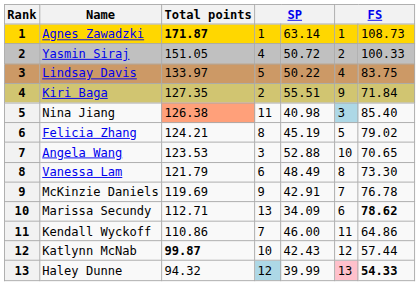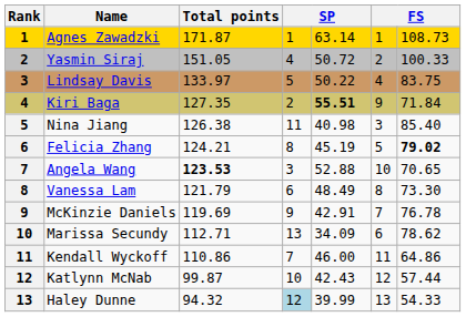 <table class="wikitable sortable">
 <tr>
 <th>Rank</th>
 <th>Name</th>
 <th>Total points</th>
 <th colspan="2" width="80px"><a href='#'>SP</a></th>
 <th colspan="2" width="80px"><a href='#'>FS</a></th>
 </tr>
 <tr bgcolor="gold">
 <td align="center"><strong>1</strong></td>
 <td><a href='#'>Agnes Zawadzki</a></td>
-<td><strong>171.87</strong></td>
+<td>171.87</td>
 <td>1</td>
 <td>63.14</td>
 <td>1</td>
 <td>108.73</td>
 </tr>
 <tr bgcolor="silver">
 <td align="center"><strong>2</strong></td>
 <td><a href='#'>Yasmin Siraj</a></td>
 <td>151.05</td>
 <td>4</td>
 <td>50.72</td>
 <td>2</td>
 <td>100.33</td>
 </tr>
 <tr bgcolor="cc9966">
 <td align="center"><strong>3</strong></td>
 <td><a href='#'>Lindsay Davis</a></td>
 <td>133.97</td>
 <td>5</td>
 <td>50.22</td>
 <td>4</td>
 <td>83.75</td>
 </tr>
 <tr bgcolor="#d1c571">
 <td align="center"><strong>4</strong></td>
 <td><a href='#'>Kiri Baga</a></td>
 <td>127.35</td>
 <td>2</td>
-<td>55.51</td>
+<td><strong>55.51</strong></td>
 <td>9</td>
 <td>71.84</td>
 </tr>
 <tr>
 <th>5</th>
 <td>Nina Jiang</td>
-<td style="background: lightsalmon;">126.38</td>
+<td>126.38</td>
 <td>11</td>
 <td>40.98</td>
-<td style="background: lightblue;">3</td>
+<td>3</td>
 <td>85.40</td>
 </tr>
 <tr>
 <th>6</th>
 <td><a href='#'>Felicia Zhang</a></td>
 <td>124.21</td>
 <td>8</td>
 <td>45.19</td>
 <td>5</td>
-<td>79.02</td>
+<td><strong>79.02</strong></td>
 </tr>
 <tr>
 <th>7</th>
 <td><a href='#'>Angela Wang</a></td>
-<td>123.53</td>
+<td><strong>123.53</strong></td>
 <td>3</td>
 <td>52.88</td>
 <td>10</td>
 <td>70.65</td>
 </tr>
 <tr>
 <th>8</th>
 <td><a href='#'>Vanessa Lam</a></td>
 <td>121.79</td>
 <td>6</td>
 <td>48.49</td>
 <td>8</td>
 <td>73.30</td>
 </tr>
 <tr>
 <th>9</th>
 <td>McKinzie Daniels</td>
 <td>119.69</td>
 <td>9</td>
 <td>42.91</td>
 <td>7</td>
 <td>76.78</td>
 </tr>
 <tr>
 <th>10</th>
 <td>Marissa Secundy</td>
 <td>112.71</td>
 <td>13</td>
 <td>34.09</td>
 <td>6</td>
-<td><strong>78.62</strong></td>
+<td>78.62</td>
 </tr>
 <tr>
 <th>11</th>
 <td>Kendall Wyckoff</td>
 <td>110.86</td>
 <td>7</td>
 <td>46.00</td>
 <td>11</td>
 <td>64.86</td>
 </tr>
 <tr>
 <th>12</th>
 <td>Katlynn McNab</td>
-<td><strong>99.87</strong></td>
+<td>99.87</td>
 <td>10</td>
 <td>42.43</td>
 <td>12</td>
 <td>57.44</td>
 </tr>
 <tr>
 <th>13</th>
 <td>Haley Dunne</td>
 <td>94.32</td>
 <td style="background: lightblue;">12</td>
 <td>39.99</td>
-<td style="background: pink;">13</td>
-<td><strong>54.33</strong></td>
+<td>13</td>
+<td>54.33</td>
 </tr>
 </table>
